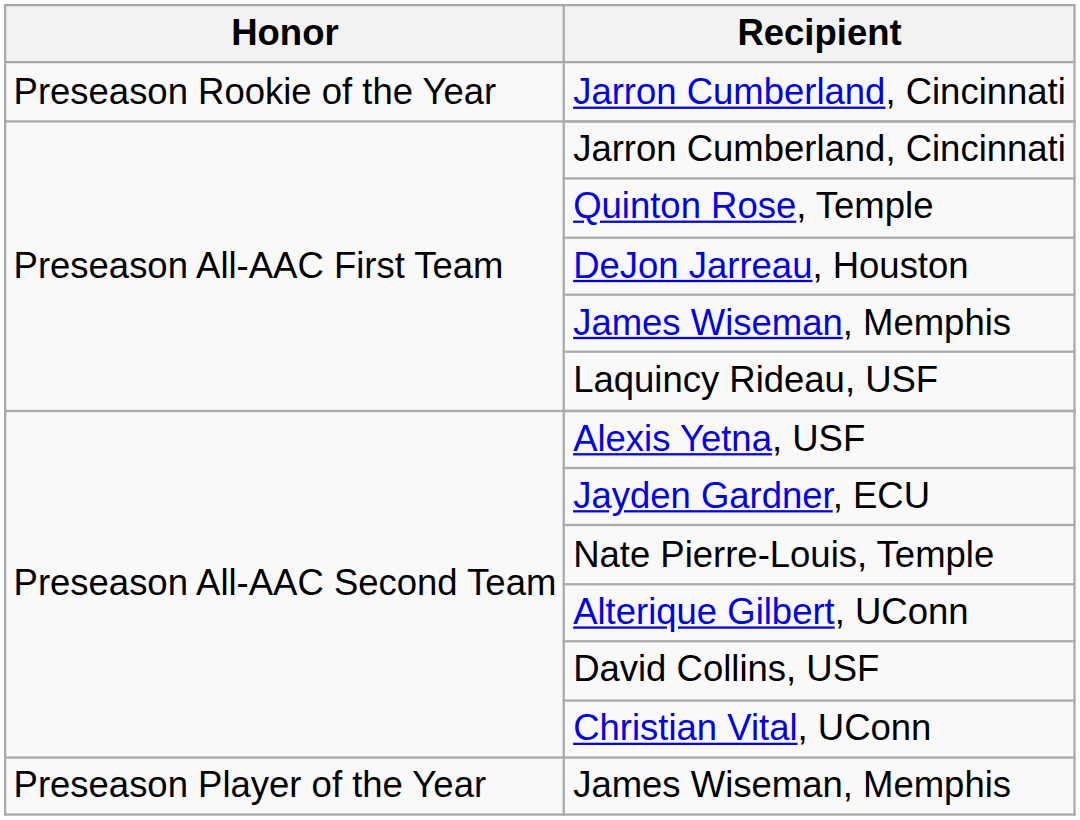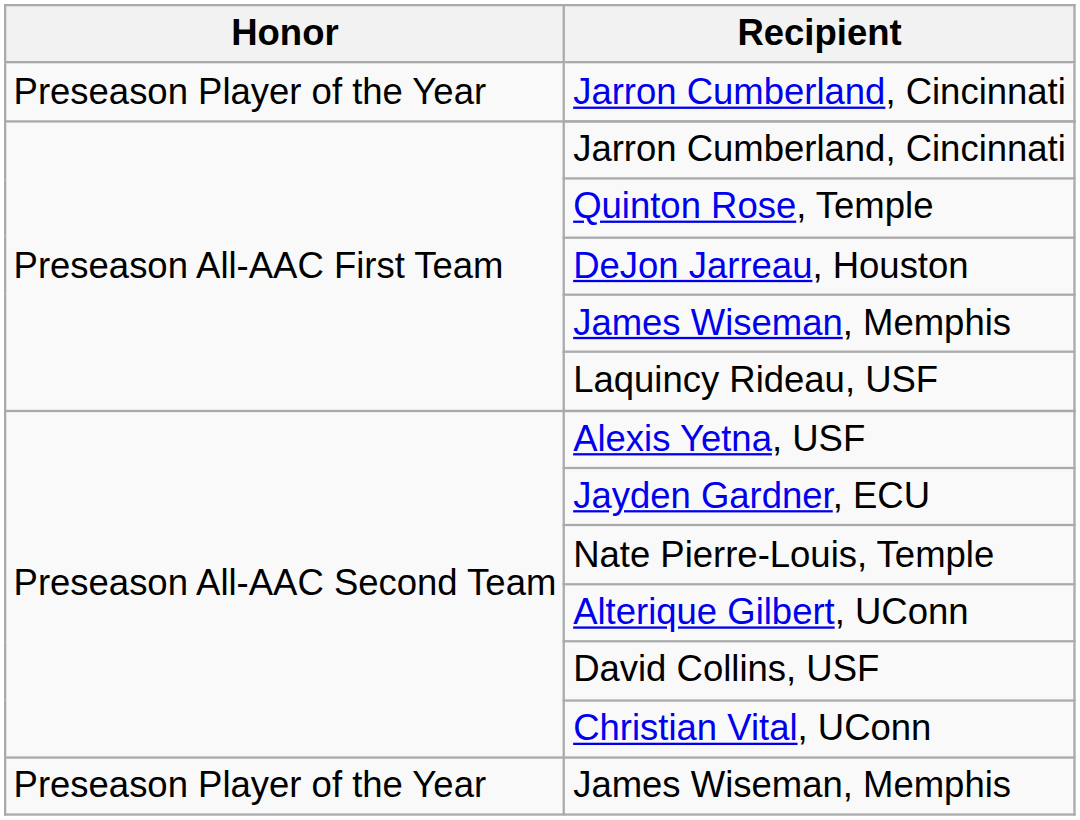 <table class="wikitable" border="1">
 <tr>
 <th>Honor</th>
 <th>Recipient</th>
 </tr>
 <tr>
-<td>Preseason Rookie of the Year</td>
+<td>Preseason Player of the Year</td>
 <td><a href='#'>Jarron Cumberland</a>, Cincinnati</td>
 </tr>
 <tr>
 <td rowspan="6" valign="middle">Preseason All-AAC First Team</td>
 </tr>
 <tr>
 <td>Jarron Cumberland, Cincinnati</td>
 </tr>
 <tr>
 <td><a href='#'>Quinton Rose</a>, Temple</td>
 </tr>
 <tr>
 <td><a href='#'>DeJon Jarreau</a>, Houston</td>
 </tr>
 <tr>
 <td><a href='#'>James Wiseman</a>, Memphis</td>
 </tr>
 <tr>
 <td>Laquincy Rideau, USF</td>
 </tr>
 <tr>
 <td rowspan="7" valign="middle">Preseason All-AAC Second Team</td>
 </tr>
 <tr>
 <td><a href='#'>Alexis Yetna</a>, USF</td>
 </tr>
 <tr>
 <td><a href='#'>Jayden Gardner</a>, ECU</td>
 </tr>
 <tr>
 <td>Nate Pierre-Louis, Temple</td>
 </tr>
 <tr>
 <td><a href='#'>Alterique Gilbert</a>, UConn</td>
 </tr>
 <tr>
 <td>David Collins, USF</td>
 </tr>
 <tr>
 <td><a href='#'>Christian Vital</a>, UConn</td>
 </tr>
 <tr>
 <td>Preseason Player of the Year</td>
 <td>James Wiseman, Memphis</td>
 </tr>
 </table>
